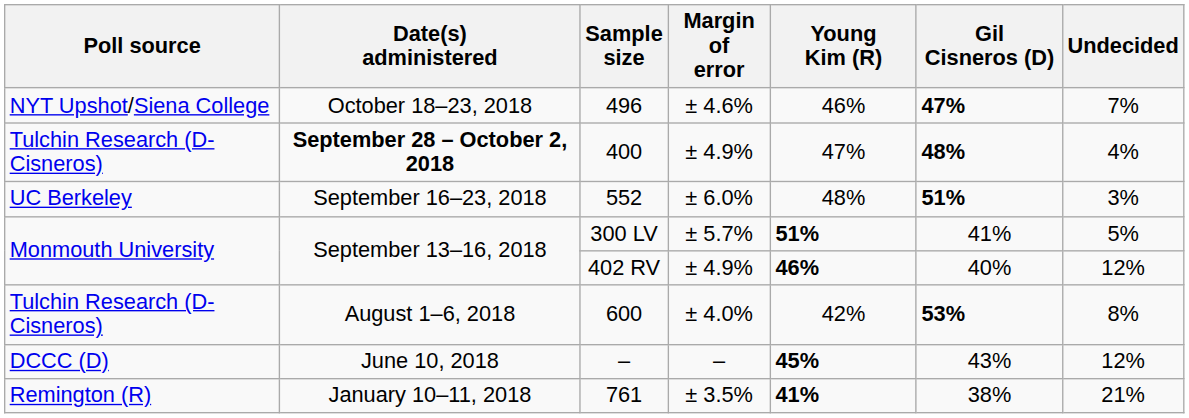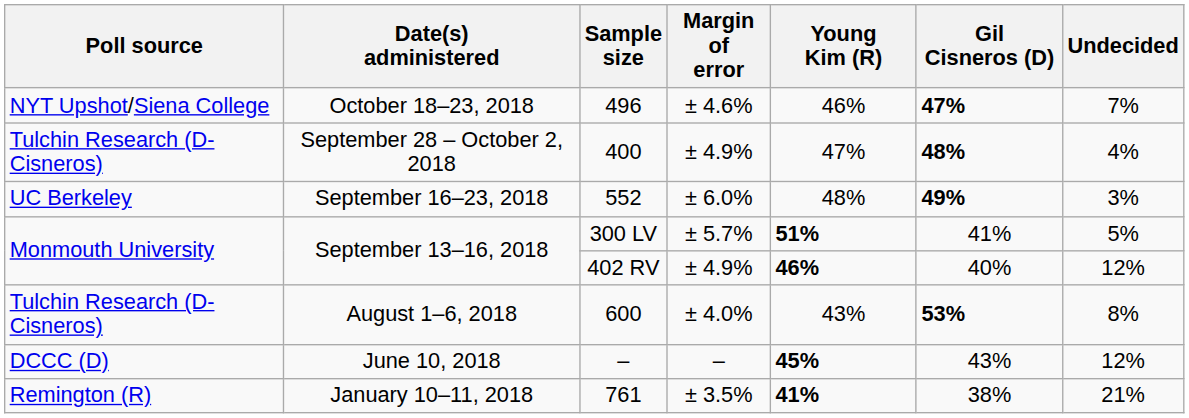 <table class="wikitable">
 <tr>
 <th>Poll source</th>
 <th>Date(s)<br>administered</th>
 <th>Sample<br>size</th>
 <th>Margin of<br>error</th>
 <th style="width:100px;">Young<br>Kim (R)</th>
 <th style="width:100px;">Gil<br>Cisneros (D)</th>
 <th>Undecided</th>
 </tr>
 <tr>
 <td><a href='#'>NYT Upshot</a>/<a href='#'>Siena College</a></td>
 <td style="text-align:center">October 18–23, 2018</td>
 <td style="text-align:center">496</td>
 <td style="text-align:center">± 4.6%</td>
 <td style="text-align:center">46%</td>
 <td style="background-color:"><strong>47%</strong></td>
 <td style="text-align:center">7%</td>
 </tr>
 <tr>
 <td><a href='#'>Tulchin Research (D-Cisneros)</a></td>
-<td style="text-align:center"><strong>September 28 – October 2, 2018</strong></td>
+<td style="text-align:center">September 28 – October 2, 2018</td>
 <td style="text-align:center">400</td>
 <td style="text-align:center">± 4.9%</td>
 <td style="text-align:center">47%</td>
 <td style="background-color:"><strong>48%</strong></td>
 <td style="text-align:center">4%</td>
 </tr>
 <tr>
 <td><a href='#'>UC Berkeley</a></td>
 <td style="text-align:center">September 16–23, 2018</td>
 <td style="text-align:center">552</td>
 <td style="text-align:center">± 6.0%</td>
 <td style="text-align:center">48%</td>
-<td style="background-color:"><strong>51%</strong></td>
+<td style="background-color:"><strong>49%</strong></td>
 <td style="text-align:center">3%</td>
 </tr>
 <tr>
 <td rowspan=2><a href='#'>Monmouth University</a></td>
 <td rowspan=2 style="text-align:center">September 13–16, 2018</td>
 <td style="text-align:center">300 LV</td>
 <td style="text-align:center">± 5.7%</td>
 <td style="background-color:"><strong>51%</strong></td>
 <td style="text-align:center">41%</td>
 <td style="text-align:center">5%</td>
 </tr>
 <tr>
 <td style="text-align:center">402 RV</td>
 <td style="text-align:center">± 4.9%</td>
 <td style="background-color:"><strong>46%</strong></td>
 <td style="text-align:center">40%</td>
 <td style="text-align:center">12%</td>
 </tr>
 <tr>
 <td><a href='#'>Tulchin Research (D-Cisneros)</a></td>
 <td style="text-align:center">August 1–6, 2018</td>
 <td style="text-align:center">600</td>
 <td style="text-align:center">± 4.0%</td>
-<td style="text-align:center">42%</td>
+<td style="text-align:center">43%</td>
 <td style="background-color:"><strong>53%</strong></td>
 <td style="text-align:center">8%</td>
 </tr>
 <tr>
 <td><a href='#'>DCCC (D)</a></td>
 <td style="text-align:center">June 10, 2018</td>
 <td style="text-align:center">–</td>
 <td style="text-align:center">–</td>
 <td style="background-color:"><strong>45%</strong></td>
 <td style="text-align:center">43%</td>
 <td style="text-align:center">12%</td>
 </tr>
 <tr>
 <td><a href='#'>Remington (R)</a></td>
 <td style="text-align:center">January 10–11, 2018</td>
 <td style="text-align:center">761</td>
 <td style="text-align:center">± 3.5%</td>
 <td style="background-color:"><strong>41%</strong></td>
 <td style="text-align:center">38%</td>
 <td style="text-align:center">21%</td>
 </tr>
 </table>
